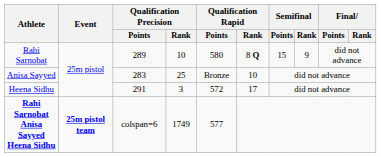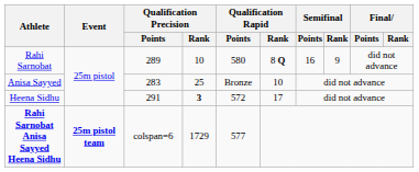 <table class=wikitable style="text-align:center; font-size:90%">
 <tr>
 <th rowspan=2>Athlete</th>
 <th rowspan=2>Event</th>
 <th colspan=2>Qualification Precision</th>
 <th colspan=2>Qualification Rapid</th>
 <th colspan=2>Semifinal</th>
 <th colspan=2>Final/</th>
 </tr>
 <tr style="font-size:95%">
 <th>Points</th>
 <th>Rank</th>
 <th>Points</th>
 <th>Rank</th>
 <th>Points</th>
 <th>Rank</th>
 <th>Points</th>
 <th>Rank</th>
 </tr>
 <tr>
 <td><a href='#'>Rahi Sarnobat</a></td>
 <td rowspan=3><a href='#'>25m pistol</a></td>
 <td>289</td>
 <td>10</td>
 <td>580</td>
 <td>8 <strong>Q</strong></td>
-<td>15</td>
+<td>16</td>
 <td>9</td>
 <td style="text-align:center;" colspan=2>did not advance</td>
 </tr>
 <tr>
 <td><a href='#'>Anisa Sayyed</a></td>
 <td>283</td>
 <td>25</td>
 <td> Bronze</td>
 <td>10</td>
 <td style="text-align:center;" colspan=4>did not advance</td>
 </tr>
 <tr>
 <td><a href='#'>Heena Sidhu</a></td>
 <td>291</td>
-<td>3</td>
+<td><strong>3</strong></td>
 <td>572</td>
 <td>17</td>
 <td style="text-align:center;" colspan=4>did not advance</td>
 </tr>
 <tr>
 <td><strong><a href='#'>Rahi Sarnobat</a><br><a href='#'>Anisa Sayyed</a><br><a href='#'>Heena Sidhu</a></strong></td>
 <td><strong><a href='#'>25m pistol team</a></strong></td>
 <td>colspan=6 </td>
-<td>1749</td>
+<td>1729</td>
 <td>577</td>
 </tr>
 </table>
